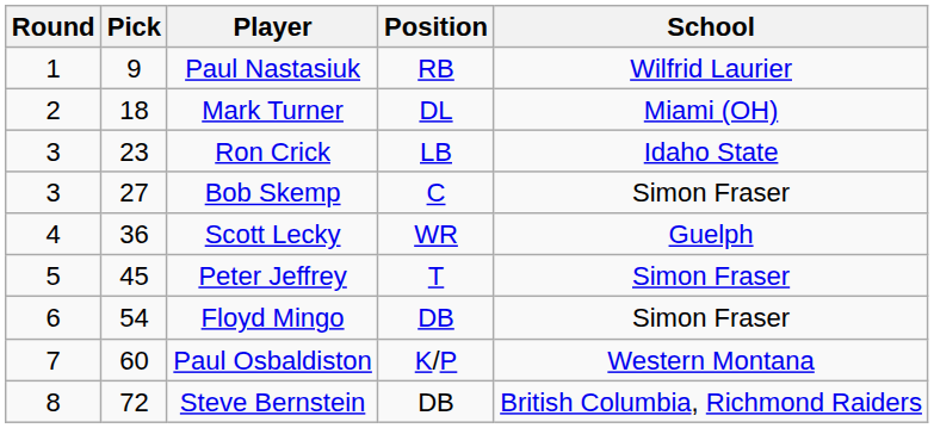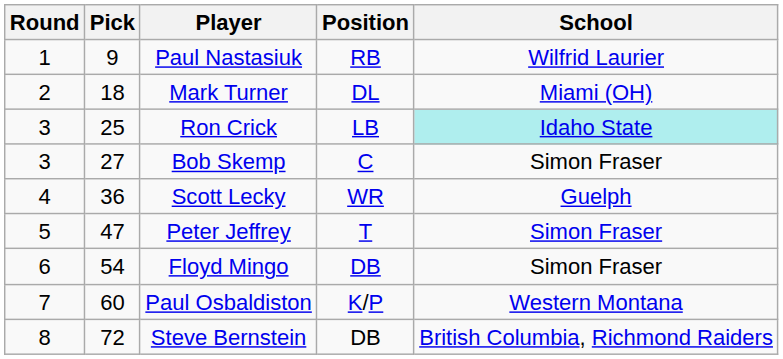 <table class="wikitable" style="font-size: 95%;">
 <tr>
 <th scope="col">Round</th>
 <th scope="col">Pick</th>
 <th scope="col">Player</th>
 <th scope="col">Position</th>
 <th scope="col">School</th>
 </tr>
 <tr align="center">
 <td align=center>1</td>
 <td>9</td>
 <td><a href='#'>Paul Nastasiuk</a></td>
 <td><a href='#'>RB</a></td>
 <td><a href='#'>Wilfrid Laurier</a></td>
 </tr>
 <tr align="center">
 <td align=center>2</td>
 <td>18</td>
 <td><a href='#'>Mark Turner</a></td>
 <td><a href='#'>DL</a></td>
 <td><a href='#'>Miami (OH)</a></td>
 </tr>
 <tr align="center">
 <td align=center>3</td>
-<td>23</td>
+<td>25</td>
 <td><a href='#'>Ron Crick</a></td>
 <td><a href='#'>LB</a></td>
-<td><a href='#'>Idaho State</a></td>
+<td style="background: paleturquoise;"><a href='#'>Idaho State</a></td>
 </tr>
 <tr align="center">
 <td align=center>3</td>
 <td>27</td>
 <td><a href='#'>Bob Skemp</a></td>
 <td><a href='#'>C</a></td>
 <td>Simon Fraser</td>
 </tr>
 <tr align="center">
 <td align=center>4</td>
 <td>36</td>
 <td><a href='#'>Scott Lecky</a></td>
 <td><a href='#'>WR</a></td>
 <td><a href='#'>Guelph</a></td>
 </tr>
 <tr align="center">
 <td align=center>5</td>
-<td>45</td>
+<td>47</td>
 <td><a href='#'>Peter Jeffrey</a></td>
 <td><a href='#'>T</a></td>
 <td><a href='#'>Simon Fraser</a></td>
 </tr>
 <tr align="center">
 <td align=center>6</td>
 <td>54</td>
 <td><a href='#'>Floyd Mingo</a></td>
 <td><a href='#'>DB</a></td>
 <td>Simon Fraser</td>
 </tr>
 <tr align="center">
 <td align=center>7</td>
 <td>60</td>
 <td><a href='#'>Paul Osbaldiston</a></td>
 <td><a href='#'>K</a>/<a href='#'>P</a></td>
 <td><a href='#'>Western Montana</a></td>
 </tr>
 <tr align="center">
 <td align=center>8</td>
 <td>72</td>
 <td><a href='#'>Steve Bernstein</a></td>
 <td>DB</td>
 <td><a href='#'>British Columbia</a>, <a href='#'>Richmond Raiders</a></td>
 </tr>
 </table>
